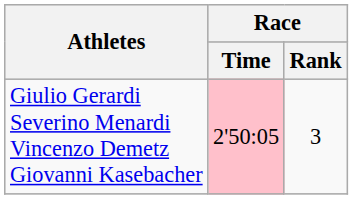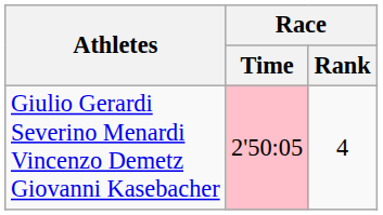 <table class="wikitable" border="1" style="font-size:90%">
 <tr>
 <th rowspan=2>Athletes</th>
 <th colspan=2>Race</th>
 </tr>
 <tr>
 <th>Time</th>
 <th>Rank</th>
 </tr>
 <tr>
 <td><a href='#'>Giulio Gerardi</a><br><a href='#'>Severino Menardi</a><br><a href='#'>Vincenzo Demetz</a><br><a href='#'>Giovanni Kasebacher</a></td>
 <td align=center style="background: pink;">2'50:05</td>
-<td align=center>3</td>
+<td align=center>4</td>
 </tr>
 </table>
